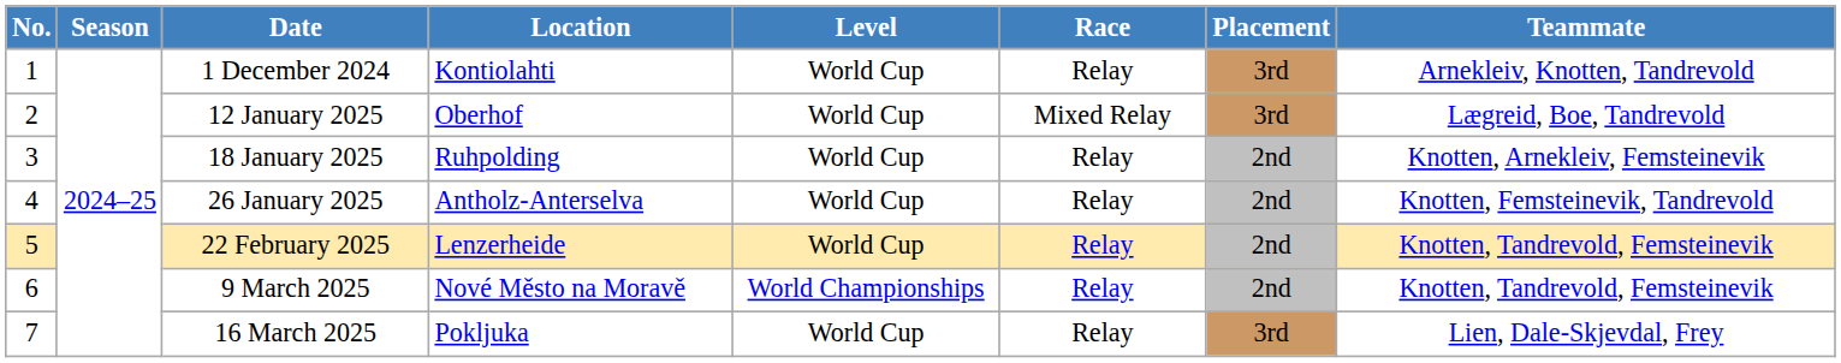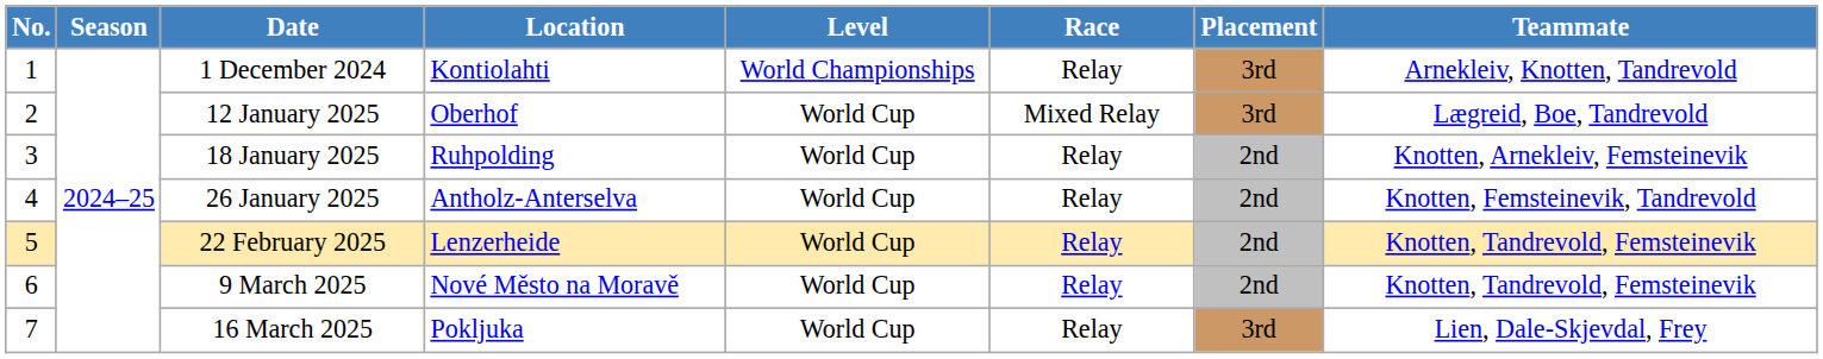 <table class="wikitable sortable" style="font-size:85%; text-align:center; border:grey solid 1px; border-collapse:collapse; background:#ffffff;">
 <tr style="background:#efefef;">
 <th style="background-color:#4180be; color:white;">No.</th>
 <th style="background-color:#4180be; color:white;">Season</th>
 <th style="background-color:#4180be; color:white; width:130px;">Date</th>
 <th style="background-color:#4180be; color:white; width:150px;">Location</th>
 <th style="background-color:#4180be; color:white; width:130px;">Level</th>
 <th style="background-color:#4180be; color:white; width:100px;">Race</th>
 <th style="background-color:#4180be; color:white; width:50px;">Placement</th>
 <th style="background-color:#4180be; color:white; width:250px;">Teammate</th>
 </tr>
 <tr>
 <td>1</td>
 <td rowspan=7><a href='#'>2024–25</a></td>
 <td>1 December 2024</td>
 <td align=left> <a href='#'>Kontiolahti</a></td>
-<td>World Cup</td>
+<td><a href='#'>World Championships</a></td>
 <td align=center>Relay</td>
 <td align=center bgcolor="#CC9966">3rd</td>
 <td><a href='#'>Arnekleiv</a>, <a href='#'>Knotten</a>, <a href='#'>Tandrevold</a></td>
 </tr>
 <tr>
 <td>2</td>
 <td>12 January 2025</td>
 <td align=left> <a href='#'>Oberhof</a></td>
 <td>World Cup</td>
 <td align=center>Mixed Relay</td>
 <td align=center bgcolor="#CC9966">3rd</td>
 <td><a href='#'>Lægreid</a>, <a href='#'>Boe</a>, <a href='#'>Tandrevold</a></td>
 </tr>
 <tr>
 <td>3</td>
 <td>18 January 2025</td>
 <td align=left> <a href='#'>Ruhpolding</a></td>
 <td>World Cup</td>
 <td align=center>Relay</td>
 <td align=center bgcolor="silver">2nd</td>
 <td><a href='#'>Knotten</a>, <a href='#'>Arnekleiv</a>, <a href='#'>Femsteinevik</a></td>
 </tr>
 <tr>
 <td>4</td>
 <td>26 January 2025</td>
 <td align=left> <a href='#'>Antholz-Anterselva</a></td>
 <td>World Cup</td>
 <td align=center>Relay</td>
 <td align=center bgcolor="silver">2nd</td>
 <td><a href='#'>Knotten</a>, <a href='#'>Femsteinevik</a>, <a href='#'>Tandrevold</a></td>
 </tr>
 <tr style="background:#FFEBAD">
 <td>5</td>
 <td>22 February 2025</td>
 <td align=left> <a href='#'>Lenzerheide</a></td>
 <td>World Cup</td>
 <td align=center><a href='#'>Relay</a></td>
 <td align=center bgcolor="silver">2nd</td>
 <td><a href='#'>Knotten</a>, <a href='#'>Tandrevold</a>, <a href='#'>Femsteinevik</a></td>
 </tr>
 <tr>
 <td>6</td>
 <td>9 March 2025</td>
 <td align=left> <a href='#'>Nové Město na Moravě</a></td>
-<td><a href='#'>World Championships</a></td>
+<td>World Cup</td>
 <td align=center><a href='#'>Relay</a></td>
 <td align=center bgcolor="silver">2nd</td>
 <td><a href='#'>Knotten</a>, <a href='#'>Tandrevold</a>, <a href='#'>Femsteinevik</a></td>
 </tr>
 <tr>
 <td>7</td>
 <td>16 March 2025</td>
 <td align=left> <a href='#'>Pokljuka</a></td>
 <td>World Cup</td>
 <td align=center>Relay</td>
 <td align=center bgcolor="#CC9966">3rd</td>
 <td><a href='#'>Lien</a>, <a href='#'>Dale-Skjevdal</a>, <a href='#'>Frey</a></td>
 </tr>
 </table>
